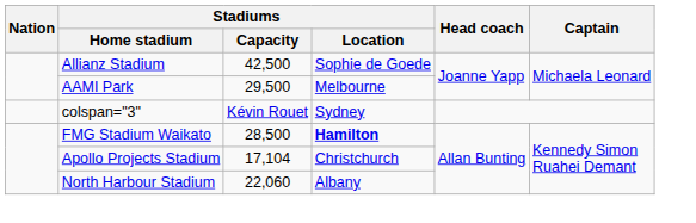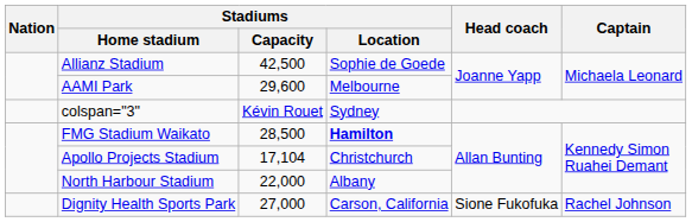 <table class="wikitable">
 <tr>
 <th rowspan="2">Nation</th>
 <th colspan="3">Stadiums</th>
 <th rowspan="2">Head coach</th>
 <th rowspan="2">Captain</th>
 </tr>
 <tr>
 <th>Home stadium</th>
 <th>Capacity</th>
 <th>Location</th>
 </tr>
 <tr>
 <td rowspan="2"></td>
 <td><a href='#'>Allianz Stadium</a></td>
 <td align="center">42,500</td>
 <td><a href='#'>Sophie de Goede</a></td>
 <td rowspan="2"> <a href='#'>Joanne Yapp</a></td>
 <td rowspan="2"><a href='#'>Michaela Leonard</a></td>
 </tr>
 <tr>
 <td><a href='#'>AAMI Park</a></td>
-<td align="center">29,500</td>
+<td align="center">29,600</td>
 <td><a href='#'>Melbourne</a></td>
 </tr>
 <tr>
 <td></td>
 <td>colspan="3"</td>
 <td> <a href='#'>Kévin Rouet</a></td>
 <td><a href='#'>Sydney</a></td>
 </tr>
 <tr>
 <td rowspan="3"></td>
 <td><a href='#'>FMG Stadium Waikato</a></td>
 <td align="center">28,500</td>
 <td><strong><a href='#'>Hamilton</a></strong></td>
 <td rowspan="3"> <a href='#'>Allan Bunting</a></td>
 <td rowspan="3"><a href='#'>Kennedy Simon</a><br><a href='#'>Ruahei Demant</a></td>
 </tr>
 <tr>
 <td><a href='#'>Apollo Projects Stadium</a></td>
 <td align="center">17,104</td>
 <td><a href='#'>Christchurch</a></td>
 </tr>
 <tr>
 <td><a href='#'>North Harbour Stadium</a></td>
-<td align="center">22,060</td>
+<td align="center">22,000</td>
 <td><a href='#'>Albany</a></td>
 </tr>
+<tr>
+<td></td>
+<td><a href='#'>Dignity Health Sports Park</a></td>
+<td align="center">27,000</td>
+<td><a href='#'>Carson, California</a></td>
+<td> Sione Fukofuka</td>
+<td><a href='#'>Rachel Johnson</a></td>
+</tr>
 </table>
